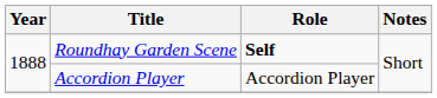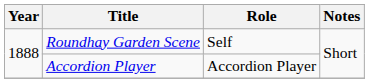 <table class="wikitable sortable">
 <tr>
 <th>Year</th>
 <th>Title</th>
 <th>Role</th>
 <th class="unsortable">Notes</th>
 </tr>
 <tr>
 <td rowspan="2">1888</td>
 <td><em><a href='#'>Roundhay Garden Scene</a></em></td>
-<td><strong>Self</strong></td>
+<td>Self</td>
 <td rowspan="2">Short</td>
 </tr>
 <tr>
 <td><em><a href='#'>Accordion Player</a></em></td>
 <td>Accordion Player</td>
 </tr>
 <tr>
 </tr>
 </table>
